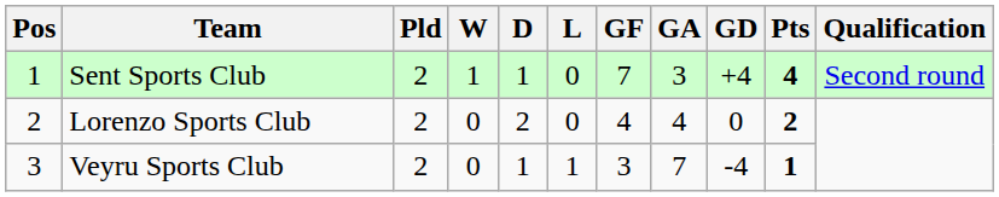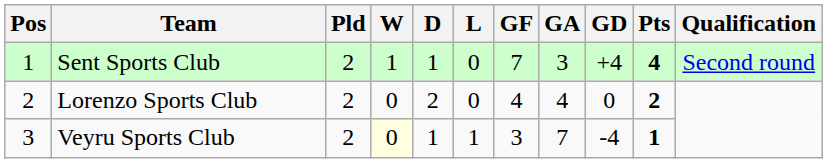 <table class="wikitable" style="text-align:center">
 <tr>
 <th style="width:20px;" abbr="Position">Pos</th>
 <th width=175>Team</th>
 <th style="width:20px;" abbr="Played">Pld</th>
 <th style="width:20px;" abbr="Won">W</th>
 <th style="width:20px;" abbr="Drawn">D</th>
 <th style="width:20px;" abbr="Lost">L</th>
 <th style="width:20px;" abbr="Goals for">GF</th>
 <th style="width:20px;" abbr="Goals against">GA</th>
 <th style="width:20px;" abbr="Goal difference">GD</th>
 <th style="width:20px;" abbr="Points">Pts</th>
 <th style="width:20px;">Qualification</th>
 </tr>
 <tr style="background:#cfc;">
 <td>1</td>
 <td align=left>Sent Sports Club</td>
 <td>2</td>
 <td>1</td>
 <td>1</td>
 <td>0</td>
 <td>7</td>
 <td>3</td>
 <td>+4</td>
 <td><strong>4</strong></td>
 <td><a href='#'>Second round</a></td>
 </tr>
 <tr>
 <td>2</td>
 <td align=left>Lorenzo Sports Club</td>
 <td>2</td>
 <td>0</td>
 <td>2</td>
 <td>0</td>
 <td>4</td>
 <td>4</td>
 <td>0</td>
 <td><strong>2</strong></td>
 </tr>
 <tr>
 <td>3</td>
 <td align=left>Veyru Sports Club</td>
 <td>2</td>
-<td>0</td>
+<td style="background: lightyellow;">0</td>
 <td>1</td>
 <td>1</td>
 <td>3</td>
 <td>7</td>
 <td>-4</td>
 <td><strong>1</strong></td>
 </tr>
 </table>
